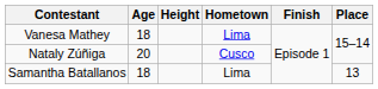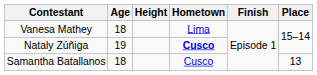 <table class="wikitable sortable" style="text-align:center;">
 <tr>
 <th>Contestant</th>
 <th>Age</th>
 <th>Height</th>
 <th>Hometown</th>
 <th>Finish</th>
 <th>Place</th>
 </tr>
 <tr>
 <td>Vanesa Mathey</td>
 <td>18</td>
 <td></td>
 <td><a href='#'>Lima</a></td>
 <td rowspan="3">Episode 1</td>
 <td rowspan="2">15–14</td>
 </tr>
 <tr>
 <td>Nataly Zúñiga</td>
-<td>20</td>
+<td>19</td>
 <td></td>
-<td><a href='#'>Cusco</a></td>
+<td><strong><a href='#'>Cusco</a></strong></td>
 </tr>
 <tr>
 <td>Samantha Batallanos</td>
 <td>18</td>
 <td></td>
-<td>Lima</td>
+<td><a href='#'>Cusco</a></td>
 <td>13</td>
 </tr>
 </table>
